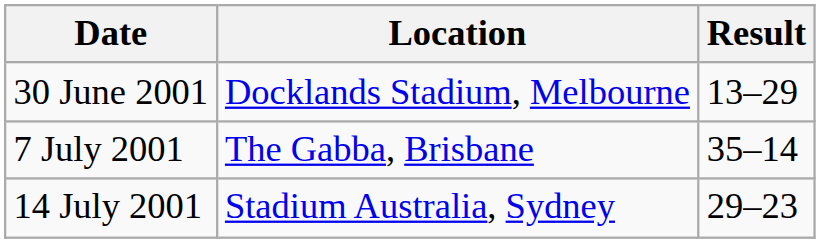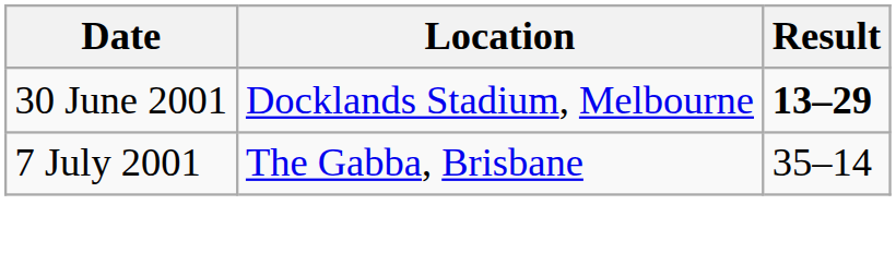 <table class="wikitable" style="align:center;">
 <tr>
 <th>Date</th>
 <th>Location</th>
 <th>Result</th>
 </tr>
 <tr>
 <td>30 June 2001</td>
 <td><a href='#'>Docklands Stadium</a>, <a href='#'>Melbourne</a></td>
-<td> 13–29 </td>
+<td><strong> 13–29 </strong></td>
 </tr>
 <tr>
 <td>7 July 2001</td>
 <td><a href='#'>The Gabba</a>, <a href='#'>Brisbane</a></td>
 <td> 35–14 </td>
 </tr>
-<tr>
-<td>14 July 2001</td>
-<td><a href='#'>Stadium Australia</a>, <a href='#'>Sydney</a></td>
-<td> 29–23 </td>
-</tr>
 </table>
